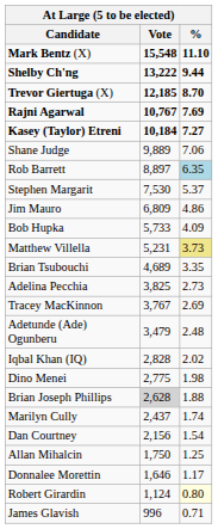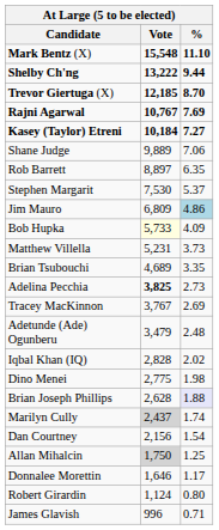 <table class="wikitable">
 <tr>
 <th colspan="3"><strong>At Large (5 to be elected)</strong></th>
 </tr>
 <tr>
 <th bgcolor="#DDDDFF" width="170px">Candidate</th>
 <th bgcolor="#DDDDFF" width="40px">Vote</th>
 <th bgcolor="#DDDDFF" width="30px">%</th>
 </tr>
 <tr>
 <td><strong>Mark Bentz</strong> (X)</td>
 <td><strong>15,548</strong></td>
 <td><strong>11.10</strong></td>
 </tr>
 <tr>
 <td><strong>Shelby Ch'ng</strong></td>
 <td><strong>13,222</strong></td>
 <td><strong>9.44</strong></td>
 </tr>
 <tr>
 <td><strong>Trevor Giertuga</strong> (X)</td>
 <td><strong>12,185</strong></td>
 <td><strong>8.70</strong></td>
 </tr>
 <tr>
 <td><strong>Rajni Agarwal</strong></td>
 <td><strong>10,767</strong></td>
 <td><strong>7.69</strong></td>
 </tr>
 <tr>
 <td><strong>Kasey (Taylor) Etreni</strong></td>
 <td><strong>10,184</strong></td>
 <td><strong>7.27</strong></td>
 </tr>
 <tr>
 <td>Shane Judge</td>
 <td>9,889</td>
 <td>7.06</td>
 </tr>
 <tr>
 <td>Rob Barrett</td>
 <td>8,897</td>
-<td style="background: lightblue;">6.35</td>
+<td>6.35</td>
 </tr>
 <tr>
 <td>Stephen Margarit</td>
 <td>7,530</td>
 <td>5.37</td>
 </tr>
 <tr>
 <td>Jim Mauro</td>
 <td>6,809</td>
-<td>4.86</td>
+<td style="background: lightblue;">4.86</td>
 </tr>
 <tr>
 <td>Bob Hupka</td>
-<td>5,733</td>
+<td style="background: lightyellow;">5,733</td>
 <td>4.09</td>
 </tr>
 <tr>
 <td>Matthew Villella</td>
 <td>5,231</td>
-<td style="background: khaki;">3.73</td>
+<td>3.73</td>
 </tr>
 <tr>
 <td>Brian Tsubouchi</td>
 <td>4,689</td>
 <td>3.35</td>
 </tr>
 <tr>
 <td>Adelina Pecchia</td>
-<td>3,825</td>
+<td><strong>3,825</strong></td>
 <td>2.73</td>
 </tr>
 <tr>
 <td>Tracey MacKinnon</td>
 <td>3,767</td>
 <td>2.69</td>
 </tr>
 <tr>
 <td>Adetunde (Ade) Ogunberu</td>
 <td>3,479</td>
 <td>2.48</td>
 </tr>
 <tr>
 <td>Iqbal Khan (IQ)</td>
 <td>2,828</td>
 <td>2.02</td>
 </tr>
 <tr>
 <td>Dino Menei</td>
 <td>2,775</td>
 <td>1.98</td>
 </tr>
 <tr>
 <td>Brian Joseph Phillips</td>
-<td style="background: lightgrey;">2,628</td>
-<td>1.88</td>
+<td>2,628</td>
+<td style="background: lavender;">1.88</td>
 </tr>
 <tr>
 <td>Marilyn Cully</td>
-<td>2,437</td>
+<td style="background: lightgrey;">2,437</td>
 <td>1.74</td>
 </tr>
 <tr>
 <td>Dan Courtney</td>
 <td>2,156</td>
 <td>1.54</td>
 </tr>
 <tr>
 <td>Allan Mihalcin</td>
-<td>1,750</td>
+<td style="background: lightgrey;">1,750</td>
 <td>1.25</td>
 </tr>
 <tr>
 <td>Donnalee Morettin</td>
 <td>1,646</td>
 <td>1.17</td>
 </tr>
 <tr>
 <td>Robert Girardin</td>
 <td>1,124</td>
-<td style="background: lightyellow;">0.80</td>
+<td>0.80</td>
 </tr>
 <tr>
 <td>James Glavish</td>
 <td>996</td>
 <td>0.71</td>
 </tr>
 </table>
